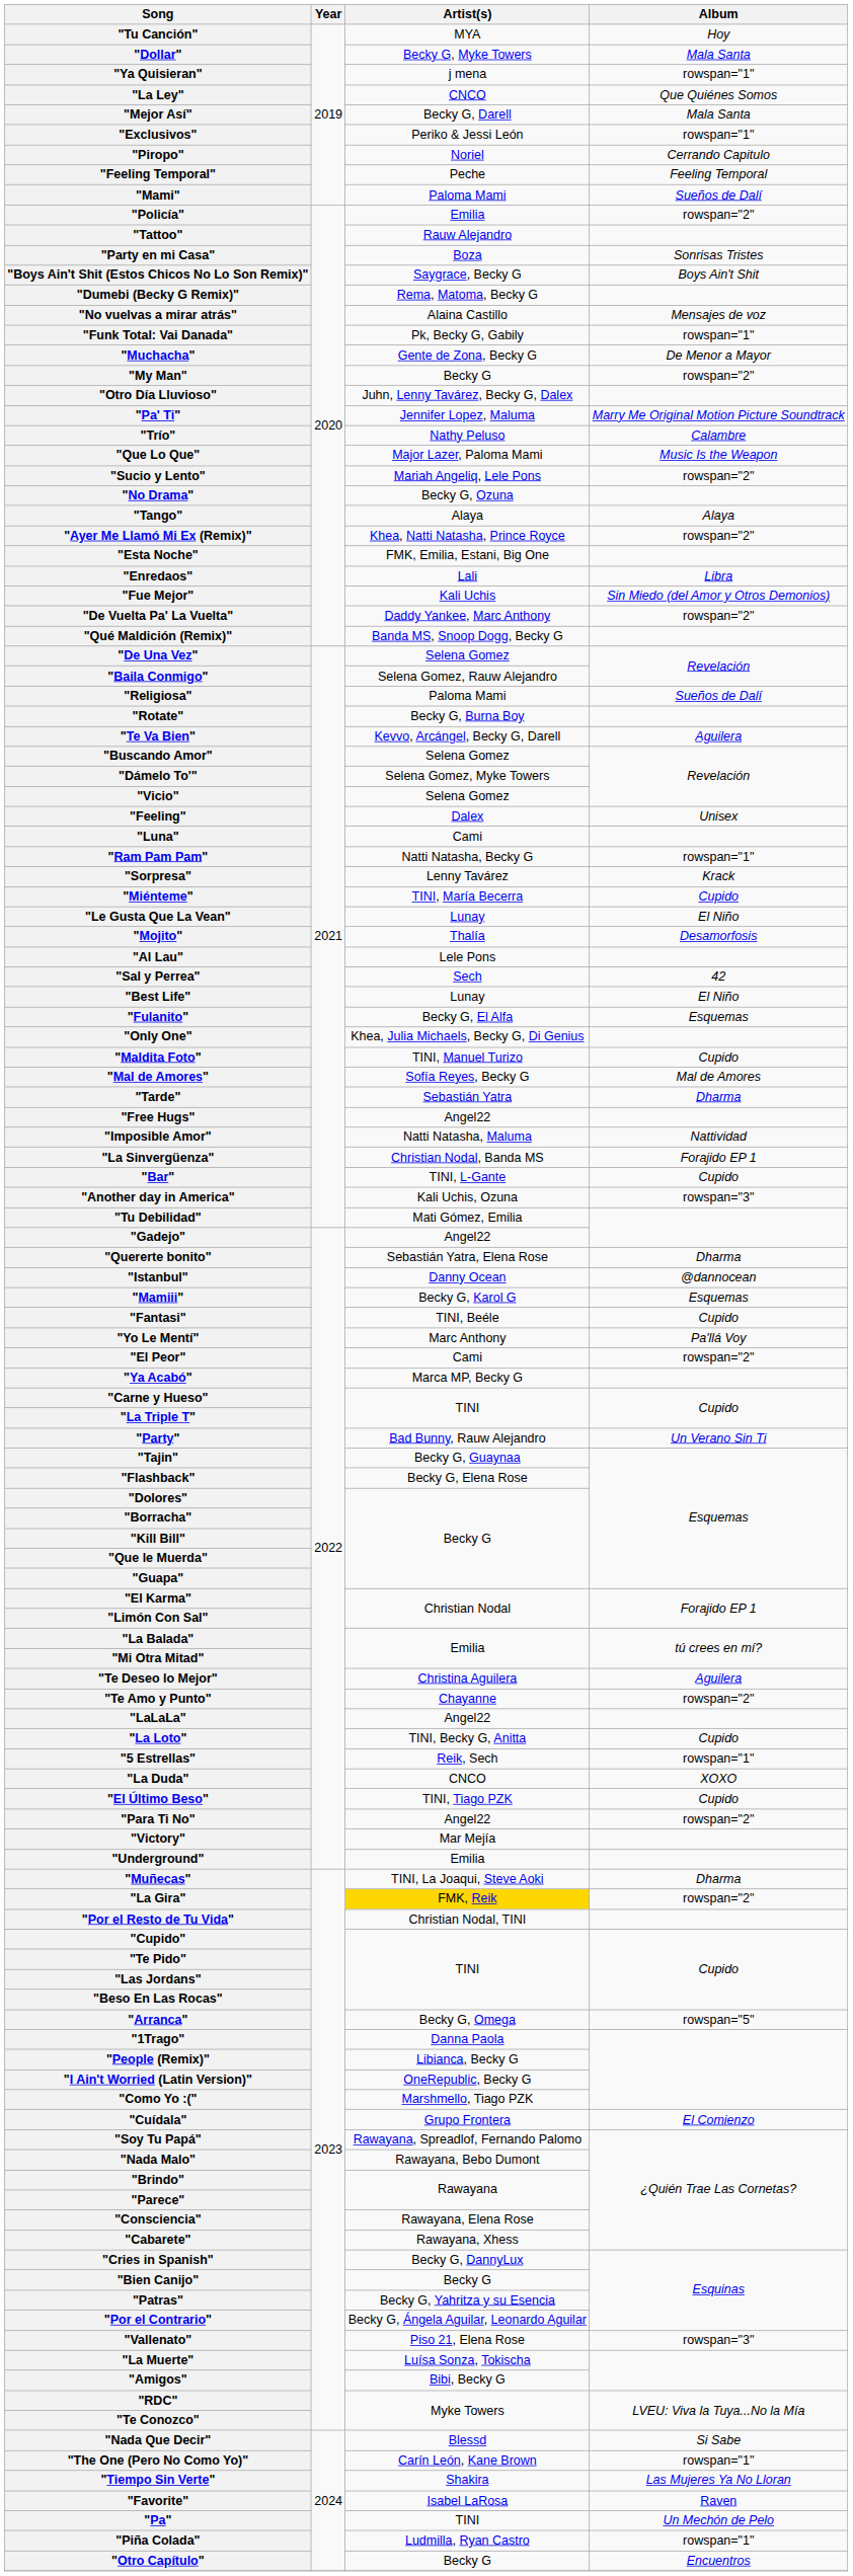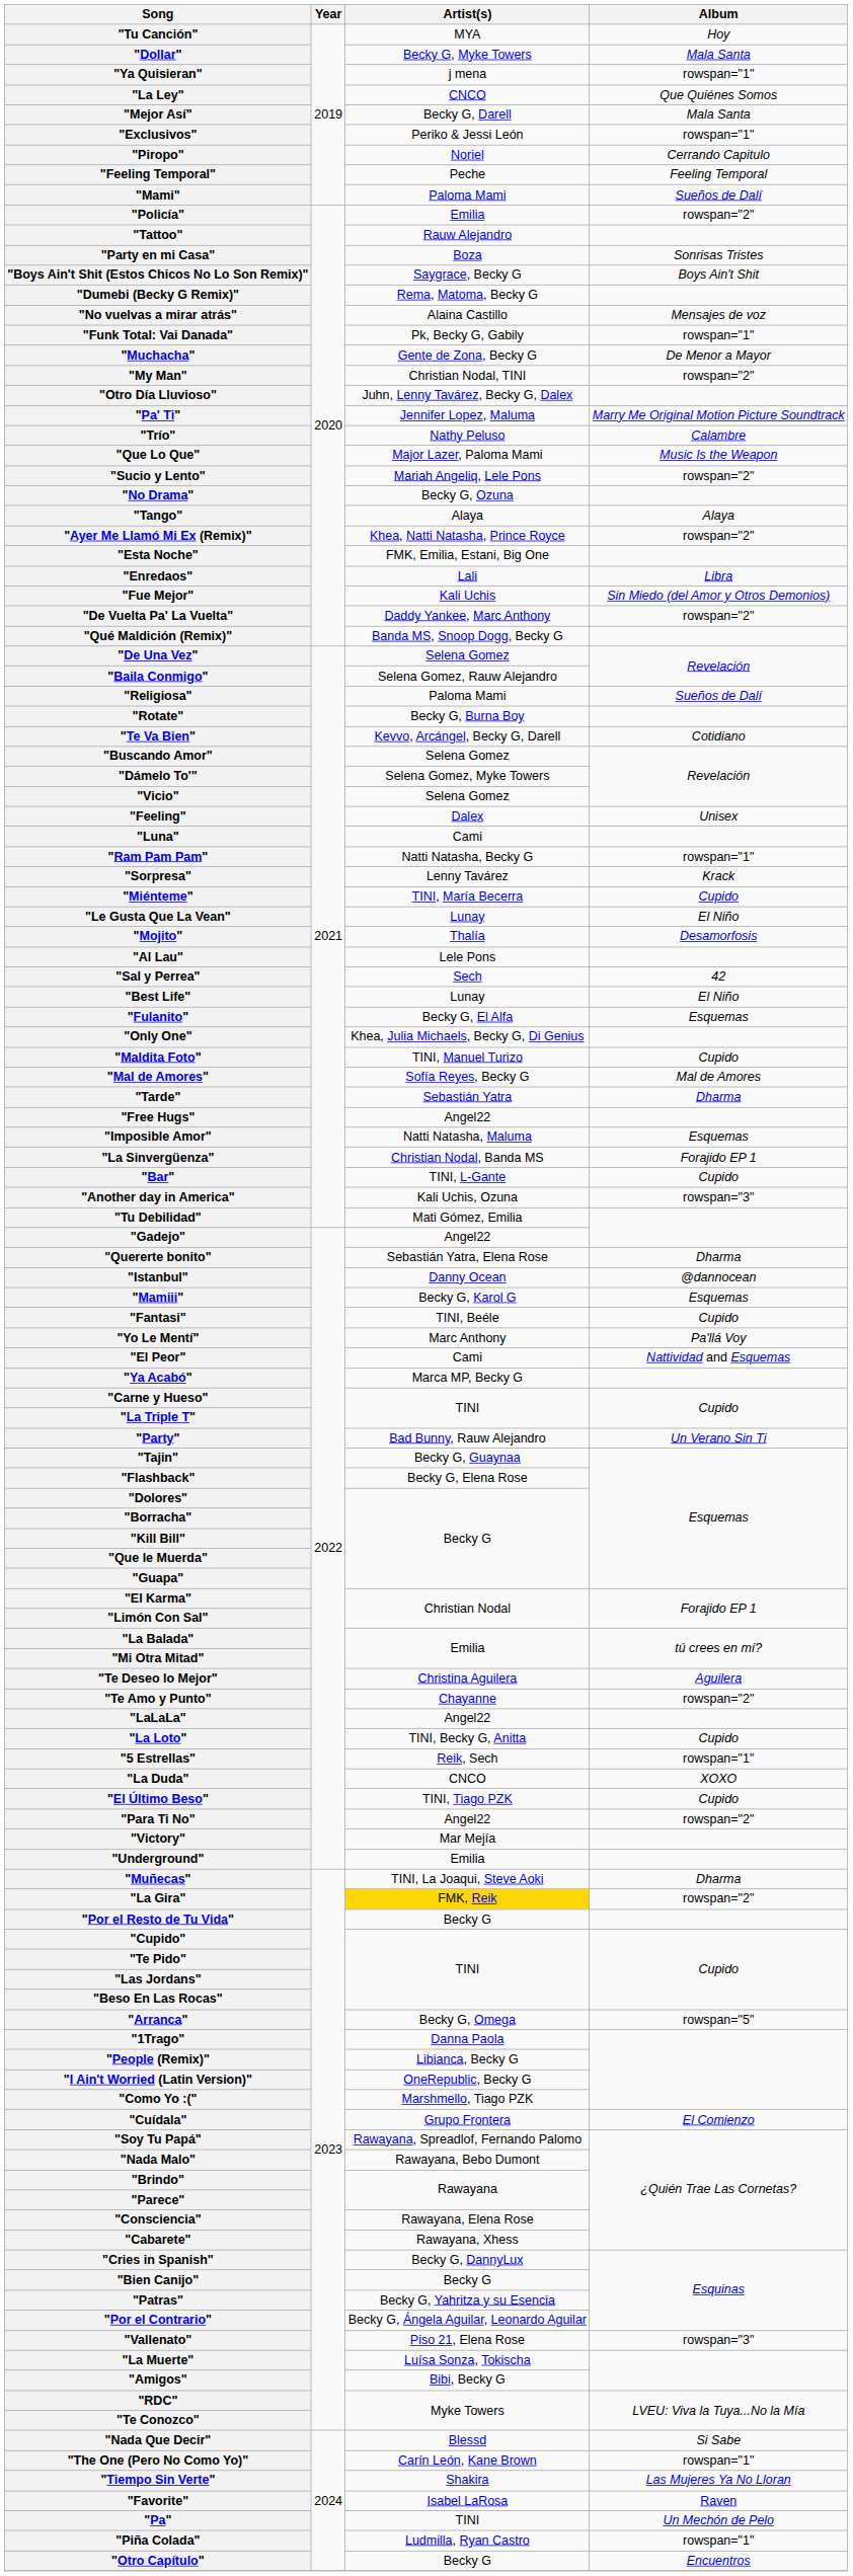 <table class="wikitable plainrowheaders" style="text-align:center;">
 <tr>
 <th scope="col">Song</th>
 <th scope="col">Year</th>
 <th scope="col">Artist(s)</th>
 <th scope="col">Album</th>
 </tr>
 <tr>
 <th scope="row">"Tu Canción"</th>
 <td rowspan="9">2019</td>
 <td>MYA</td>
 <td><em>Hoy</em></td>
 </tr>
 <tr>
 <th scope="row">"<a href='#'>Dollar</a>"</th>
 <td><a href='#'>Becky G</a>, <a href='#'>Myke Towers</a></td>
 <td><em><a href='#'>Mala Santa</a></em></td>
 </tr>
 <tr>
 <th scope="row">"Ya Quisieran"</th>
 <td>j mena</td>
 <td>rowspan="1" </td>
 </tr>
 <tr>
 <th scope="row">"La Ley"</th>
 <td><a href='#'>CNCO</a></td>
 <td><em>Que Quiénes Somos</em></td>
 </tr>
 <tr>
 <th scope="row">"Mejor Así"</th>
 <td>Becky G, <a href='#'>Darell</a></td>
 <td><em>Mala Santa</em></td>
 </tr>
 <tr>
 <th scope="row">"Exclusivos"</th>
 <td>Periko & Jessi León</td>
 <td>rowspan="1" </td>
 </tr>
 <tr>
 <th scope="row">"Piropo"</th>
 <td><a href='#'>Noriel</a></td>
 <td><em>Cerrando Capitulo</em></td>
 </tr>
 <tr>
 <th scope="row">"Feeling Temporal"</th>
 <td>Peche</td>
 <td><em>Feeling Temporal</em></td>
 </tr>
 <tr>
 <th scope="row">"Mami"</th>
 <td><a href='#'>Paloma Mami</a></td>
 <td rowspan="1"><em><a href='#'>Sueños de Dalí</a></em></td>
 </tr>
 <tr>
 <th scope="row">"Policía"</th>
 <td rowspan="22">2020</td>
 <td><a href='#'>Emilia</a></td>
 <td>rowspan="2" </td>
 </tr>
 <tr>
 <th scope="row">"Tattoo"</th>
 <td><a href='#'>Rauw Alejandro</a></td>
 </tr>
 <tr>
 <th scope="row">"Party en mi Casa"</th>
 <td><a href='#'>Boza</a></td>
 <td><em>Sonrisas Tristes</em></td>
 </tr>
 <tr>
 <th scope="row">"Boys Ain't Shit (Estos Chicos No Lo Son Remix)"</th>
 <td><a href='#'>Saygrace</a>, Becky G</td>
 <td><em>Boys Ain't Shit</em></td>
 </tr>
 <tr>
 <th scope="row">"Dumebi (Becky G Remix)"</th>
 <td><a href='#'>Rema</a>, <a href='#'>Matoma</a>, Becky G</td>
 <td></td>
 </tr>
 <tr>
 <th scope="row">"No vuelvas a mirar atrás"</th>
 <td>Alaina Castillo</td>
 <td><em>Mensajes de voz</em></td>
 </tr>
 <tr>
 <th scope="row">"Funk Total: Vai Danada"</th>
 <td>Pk, Becky G, Gabily</td>
 <td>rowspan="1" </td>
 </tr>
 <tr>
 <th scope="row">"<a href='#'>Muchacha</a>"</th>
 <td><a href='#'>Gente de Zona</a>, Becky G</td>
 <td><em>De Menor a Mayor</em></td>
 </tr>
 <tr>
 <th scope="row">"My Man"</th>
-<td>Becky G</td>
+<td>Christian Nodal, TINI</td>
 <td>rowspan="2" </td>
 </tr>
 <tr>
 <th scope="row">"Otro Día Lluvioso"</th>
 <td>Juhn, <a href='#'>Lenny Tavárez</a>, Becky G, <a href='#'>Dalex</a></td>
 </tr>
 <tr>
 <th scope="row">"<a href='#'>Pa' Ti</a>"</th>
 <td><a href='#'>Jennifer Lopez</a>, <a href='#'>Maluma</a></td>
 <td><em><a href='#'>Marry Me Original Motion Picture Soundtrack</a></em></td>
 </tr>
 <tr>
 <th scope="row">"Trío"</th>
 <td><a href='#'>Nathy Peluso</a></td>
 <td><em><a href='#'>Calambre</a></em></td>
 </tr>
 <tr>
 <th scope="row">"Que Lo Que"</th>
 <td><a href='#'>Major Lazer</a>, Paloma Mami</td>
 <td><em><a href='#'>Music Is the Weapon</a></em></td>
 </tr>
 <tr>
 <th scope="row">"Sucio y Lento"</th>
 <td><a href='#'>Mariah Angeliq</a>, <a href='#'>Lele Pons</a></td>
 <td>rowspan="2" </td>
 </tr>
 <tr>
 <th scope="row">"<a href='#'>No Drama</a>"</th>
 <td>Becky G, <a href='#'>Ozuna</a></td>
 </tr>
 <tr>
 <th scope="row">"Tango"</th>
 <td>Alaya</td>
 <td><em>Alaya</em></td>
 </tr>
 <tr>
 <th scope="row">"<a href='#'>Ayer Me Llamó Mi Ex</a> (Remix)"</th>
 <td><a href='#'>Khea</a>, <a href='#'>Natti Natasha</a>, <a href='#'>Prince Royce</a></td>
 <td>rowspan="2" </td>
 </tr>
 <tr>
 <th scope="row">"Esta Noche"</th>
 <td>FMK, Emilia, Estani, Big One</td>
 </tr>
 <tr>
 <th scope="row">"Enredaos"</th>
 <td><a href='#'>Lali</a></td>
 <td><em><a href='#'>Libra</a></em></td>
 </tr>
 <tr>
 <th scope="row">"Fue Mejor"</th>
 <td><a href='#'>Kali Uchis</a></td>
 <td><em><a href='#'>Sin Miedo (del Amor y Otros Demonios)</a></em></td>
 </tr>
 <tr>
 <th scope="row">"De Vuelta Pa' La Vuelta"</th>
 <td><a href='#'>Daddy Yankee</a>, <a href='#'>Marc Anthony</a></td>
 <td>rowspan="2" </td>
 </tr>
 <tr>
 <th scope="row">"Qué Maldición (Remix)"</th>
 <td><a href='#'>Banda MS</a>, <a href='#'>Snoop Dogg</a>, Becky G</td>
 </tr>
 <tr>
 <th scope="row">"<a href='#'>De Una Vez</a>"</th>
 <td rowspan="29">2021</td>
 <td><a href='#'>Selena Gomez</a></td>
 <td rowspan="2"><em><a href='#'>Revelación</a></em></td>
 </tr>
 <tr>
 <th scope="row">"<a href='#'>Baila Conmigo</a>"</th>
 <td>Selena Gomez, Rauw Alejandro</td>
 </tr>
 <tr>
 <th scope="row">"Religiosa"</th>
 <td>Paloma Mami</td>
 <td rowspan="1"><em><a href='#'>Sueños de Dalí</a></em></td>
 </tr>
 <tr>
 <th scope="row">"Rotate"</th>
 <td>Becky G, <a href='#'>Burna Boy</a></td>
 <td></td>
 </tr>
 <tr>
 <th scope="row">"<a href='#'>Te Va Bien</a>"</th>
 <td><a href='#'>Kevvo</a>, <a href='#'>Arcángel</a>, Becky G, Darell</td>
-<td><em><a href='#'>Aguilera</a></em></td>
+<td rowspan="1"><em>Cotidiano</em></td>
 </tr>
 <tr>
 <th scope="row">"Buscando Amor"</th>
 <td>Selena Gomez</td>
 <td rowspan="3"><em>Revelación</em></td>
 </tr>
 <tr>
 <th scope="row">"Dámelo To'"</th>
 <td>Selena Gomez, Myke Towers</td>
 </tr>
 <tr>
 <th scope="row">"Vicio"</th>
 <td>Selena Gomez</td>
 </tr>
 <tr>
 <th scope="row">"Feeling"</th>
 <td><a href='#'>Dalex</a></td>
 <td><em>Unisex</em></td>
 </tr>
 <tr>
 <th scope="row">"Luna"</th>
 <td>Cami</td>
 <td></td>
 </tr>
 <tr>
 <th scope="row">"<a href='#'>Ram Pam Pam</a>"</th>
 <td>Natti Natasha, Becky G</td>
 <td>rowspan="1" </td>
 </tr>
 <tr>
 <th scope="row">"Sorpresa"</th>
 <td>Lenny Tavárez</td>
 <td><em>Krack</em></td>
 </tr>
 <tr>
 <th scope="row">"<a href='#'>Miénteme</a>"</th>
 <td><a href='#'>TINI</a>, <a href='#'>María Becerra</a></td>
 <td><em><a href='#'>Cupido</a></em></td>
 </tr>
 <tr>
 <th scope="row">"Le Gusta Que La Vean"</th>
 <td><a href='#'>Lunay</a></td>
 <td><em>El Niño</em></td>
 </tr>
 <tr>
 <th scope="row">"<a href='#'>Mojito</a>"</th>
 <td><a href='#'>Thalía</a></td>
 <td><em><a href='#'>Desamorfosis</a></em></td>
 </tr>
 <tr>
 <th scope="row">"Al Lau"</th>
 <td>Lele Pons</td>
 <td></td>
 </tr>
 <tr>
 <th scope="row">"Sal y Perrea"</th>
 <td><a href='#'>Sech</a></td>
 <td><em>42</em></td>
 </tr>
 <tr>
 <th scope="row">"Best Life"</th>
 <td>Lunay</td>
 <td><em>El Niño</em></td>
 </tr>
 <tr>
 <th scope="row">"<a href='#'>Fulanito</a>"</th>
 <td>Becky G, <a href='#'>El Alfa</a></td>
 <td><em>Esquemas</em></td>
 </tr>
 <tr>
 <th scope="row">"Only One"</th>
 <td>Khea, <a href='#'>Julia Michaels</a>, Becky G, <a href='#'>Di Genius</a></td>
 <td></td>
 </tr>
 <tr>
 <th scope="row">"<a href='#'>Maldita Foto</a>"</th>
 <td>TINI, <a href='#'>Manuel Turizo</a></td>
 <td><em>Cupido</em></td>
 </tr>
 <tr>
 <th scope="row">"<a href='#'>Mal de Amores</a>"</th>
 <td><a href='#'>Sofía Reyes</a>, Becky G</td>
 <td><em>Mal de Amores</em></td>
 </tr>
 <tr>
 <th scope="row">"Tarde"</th>
 <td><a href='#'>Sebastián Yatra</a></td>
 <td><em><a href='#'>Dharma</a></em></td>
 </tr>
 <tr>
 <th scope="row">"Free Hugs"</th>
 <td>Angel22</td>
 <td></td>
 </tr>
 <tr>
 <th scope="row">"Imposible Amor"</th>
 <td>Natti Natasha, <a href='#'>Maluma</a></td>
-<td><em>Nattividad</em></td>
+<td><em>Esquemas</em></td>
 </tr>
 <tr>
 <th scope="row">"La Sinvergüenza"</th>
 <td><a href='#'>Christian Nodal</a>, Banda MS</td>
 <td><em>Forajido EP 1</em></td>
 </tr>
 <tr>
 <th scope="row">"<a href='#'>Bar</a>"</th>
 <td>TINI, <a href='#'>L-Gante</a></td>
 <td><em>Cupido</em></td>
 </tr>
 <tr>
 <th scope="row">"Another day in America"</th>
 <td>Kali Uchis, Ozuna</td>
 <td>rowspan="3" </td>
 </tr>
 <tr>
 <th scope="row">"Tu Debilidad"</th>
 <td>Mati Gómez, Emilia</td>
 </tr>
 <tr>
 <th scope="row">"Gadejo"</th>
 <td rowspan="32">2022</td>
 <td>Angel22</td>
 </tr>
 <tr>
 <th scope="row">"Quererte bonito"</th>
 <td>Sebastián Yatra, Elena Rose</td>
 <td><em>Dharma</em></td>
 </tr>
 <tr>
 <th scope="row">"Istanbul"</th>
 <td><a href='#'>Danny Ocean</a></td>
 <td><em>@dannocean</em></td>
 </tr>
 <tr>
 <th scope="row">"<a href='#'>Mamiii</a>"</th>
 <td>Becky G, <a href='#'>Karol G</a></td>
 <td><em>Esquemas</em></td>
 </tr>
 <tr>
 <th scope="row">"Fantasi"</th>
 <td>TINI, Beéle</td>
 <td><em>Cupido</em></td>
 </tr>
 <tr>
 <th scope="row">"Yo Le Mentí"</th>
 <td>Marc Anthony</td>
 <td><em>Pa'llá Voy</em></td>
 </tr>
 <tr>
 <th scope="row">"El Peor"</th>
 <td>Cami</td>
-<td>rowspan="2" </td>
+<td><em><a href='#'>Nattividad</a></em> and <em><a href='#'>Esquemas</a></em></td>
 </tr>
 <tr>
 <th scope="row">"<a href='#'>Ya Acabó</a>"</th>
 <td>Marca MP, Becky G</td>
 </tr>
 <tr>
 <th scope="row">"Carne y Hueso"</th>
 <td rowspan="2">TINI</td>
 <td rowspan="2"><em>Cupido</em></td>
 </tr>
 <tr>
 <th scope="row">"<a href='#'>La Triple T</a>"</th>
 </tr>
 <tr>
 <th scope="row">"<a href='#'>Party</a>"</th>
 <td><a href='#'>Bad Bunny</a>, Rauw Alejandro</td>
 <td><em><a href='#'>Un Verano Sin Ti</a></em></td>
 </tr>
 <tr>
 <th scope="row">"Tajin"</th>
 <td>Becky G, <a href='#'>Guaynaa</a></td>
 <td rowspan="7"><em>Esquemas</em></td>
 </tr>
 <tr>
 <th scope="row">"Flashback"</th>
 <td>Becky G, Elena Rose</td>
 </tr>
 <tr>
 <th scope="row">"Dolores"</th>
 <td rowspan="5">Becky G</td>
 </tr>
 <tr>
 <th scope="row">"Borracha"</th>
 </tr>
 <tr>
 <th scope="row">"Kill Bill"</th>
 </tr>
 <tr>
 <th scope="row">"Que le Muerda"</th>
 </tr>
 <tr>
 <th scope="row">"Guapa"</th>
 </tr>
 <tr>
 <th scope="row">"El Karma"</th>
 <td rowspan="2">Christian Nodal</td>
 <td rowspan="2"><em>Forajido EP 1</em></td>
 </tr>
 <tr>
 <th scope="row">"Limón Con Sal"</th>
 </tr>
 <tr>
 <th scope="row">"La Balada"</th>
 <td rowspan="2">Emilia</td>
 <td rowspan="2"><em>tú crees en mí?</em></td>
 </tr>
 <tr>
 <th scope="row">"Mi Otra Mitad"</th>
 </tr>
 <tr>
 <th scope="row">"Te Deseo lo Mejor"</th>
 <td><a href='#'>Christina Aguilera</a></td>
 <td><em><a href='#'>Aguilera</a></em></td>
 </tr>
 <tr>
 <th scope="row">"Te Amo y Punto"</th>
 <td><a href='#'>Chayanne</a></td>
 <td>rowspan="2" </td>
 </tr>
 <tr>
 <th scope="row">"LaLaLa"</th>
 <td>Angel22</td>
 </tr>
 <tr>
 <th scope="row">"<a href='#'>La Loto</a>"</th>
 <td>TINI, Becky G, <a href='#'>Anitta</a></td>
 <td><em>Cupido</em></td>
 </tr>
 <tr>
 <th scope="row">"5 Estrellas"</th>
 <td><a href='#'>Reik</a>, Sech</td>
 <td>rowspan="1" </td>
 </tr>
 <tr>
 <th scope="row">"La Duda"</th>
 <td>CNCO</td>
 <td><em>XOXO</em></td>
 </tr>
 <tr>
 <th scope="row">"<a href='#'>El Último Beso</a>"</th>
 <td>TINI, <a href='#'>Tiago PZK</a></td>
 <td><em>Cupido</em></td>
 </tr>
 <tr>
 <th scope="row">"Para Ti No"</th>
 <td>Angel22</td>
 <td>rowspan="2" </td>
 </tr>
 <tr>
 <th scope="row">"Victory"</th>
 <td>Mar Mejía</td>
 </tr>
 <tr>
 <th scope="row">"Underground"</th>
 <td>Emilia</td>
 <td></td>
 </tr>
 <tr>
 <th scope="row">"<a href='#'>Muñecas</a>"</th>
 <td rowspan="28">2023</td>
 <td>TINI, La Joaqui, <a href='#'>Steve Aoki</a></td>
 <td><em>Dharma</em></td>
 </tr>
 <tr>
 <th scope="row">"La Gira"</th>
 <td style="background: gold;">FMK, <a href='#'>Reik</a></td>
 <td>rowspan="2" </td>
 </tr>
 <tr>
 <th scope="row">"<a href='#'>Por el Resto de Tu Vida</a>"</th>
-<td>Christian Nodal, TINI</td>
+<td>Becky G</td>
 </tr>
 <tr>
 <th scope="row">"Cupido"</th>
 <td rowspan="4">TINI</td>
 <td rowspan="4"><em>Cupido</em></td>
 </tr>
 <tr>
 <th scope="row">"Te Pido"</th>
 </tr>
 <tr>
 <th scope="row">"Las Jordans"</th>
 </tr>
 <tr>
 <th scope="row">"Beso En Las Rocas"</th>
 </tr>
 <tr>
 <th scope="row">"<a href='#'>Arranca</a>"</th>
 <td>Becky G, <a href='#'>Omega</a></td>
 <td>rowspan="5" </td>
 </tr>
 <tr>
 <th scope="row">"1Trago"</th>
 <td><a href='#'>Danna Paola</a></td>
 </tr>
 <tr>
 <th scope="row">"<a href='#'>People</a> (Remix)"</th>
 <td><a href='#'>Libianca</a>, Becky G</td>
 </tr>
 <tr>
 <th scope="row">"<a href='#'>I Ain't Worried</a> (Latin Version)"</th>
 <td><a href='#'>OneRepublic</a>, Becky G</td>
 </tr>
 <tr>
 <th scope="row">"Como Yo :("</th>
 <td><a href='#'>Marshmello</a>, Tiago PZK</td>
 </tr>
 <tr>
 <th scope="row">"Cuídala"</th>
 <td><a href='#'>Grupo Frontera</a></td>
 <td><em><a href='#'>El Comienzo</a></em></td>
 </tr>
 <tr>
 <th scope="row">"Soy Tu Papá"</th>
 <td><a href='#'>Rawayana</a>, Spreadlof, Fernando Palomo</td>
 <td rowspan="6"><em>¿Quién Trae Las Cornetas?</em></td>
 </tr>
 <tr>
 <th scope="row">"Nada Malo"</th>
 <td>Rawayana, Bebo Dumont</td>
 </tr>
 <tr>
 <th scope="row">"Brindo"</th>
 <td rowspan="2">Rawayana</td>
 </tr>
 <tr>
 <th scope="row">"Parece"</th>
 </tr>
 <tr>
 <th scope="row">"Consciencia"</th>
 <td>Rawayana, Elena Rose</td>
 </tr>
 <tr>
 <th scope="row">"Cabarete"</th>
 <td>Rawayana, Xhess</td>
 </tr>
 <tr>
 <th scope="row">"Cries in Spanish"</th>
 <td>Becky G, <a href='#'>DannyLux</a></td>
 <td rowspan="4"><em><a href='#'>Esquinas</a></em></td>
 </tr>
 <tr>
 <th scope="row">"Bien Canijo"</th>
 <td>Becky G</td>
 </tr>
 <tr>
 <th scope="row">"Patras"</th>
 <td>Becky G, <a href='#'>Yahritza y su Esencia</a></td>
 </tr>
 <tr>
 <th scope="row">"<a href='#'>Por el Contrario</a>"</th>
 <td>Becky G, <a href='#'>Ángela Aguilar</a>, <a href='#'>Leonardo Aguilar</a></td>
 </tr>
 <tr>
 <th scope="row">"Vallenato"</th>
 <td><a href='#'>Piso 21</a>, Elena Rose</td>
 <td>rowspan="3" </td>
 </tr>
 <tr>
 <th scope="row">"La Muerte"</th>
 <td><a href='#'>Luísa Sonza</a>, <a href='#'>Tokischa</a></td>
 </tr>
 <tr>
 <th scope="row">"Amigos"</th>
 <td><a href='#'>Bibi</a>, Becky G</td>
 </tr>
 <tr>
 <th scope="row">"RDC"</th>
 <td rowspan="2">Myke Towers</td>
 <td rowspan="2"><em>LVEU: Viva la Tuya...No la Mía</em></td>
 </tr>
 <tr>
 <th scope="row">"Te Conozco"</th>
 </tr>
 <tr>
 <th scope="row">"Nada Que Decir" </th>
 <td rowspan="7">2024</td>
 <td><a href='#'>Blessd</a></td>
 <td><em>Si Sabe</em></td>
 </tr>
 <tr>
 <th scope="row">"The One (Pero No Como Yo)" </th>
 <td><a href='#'>Carín León</a>, <a href='#'>Kane Brown</a></td>
 <td>rowspan="1" </td>
 </tr>
 <tr>
 <th scope="row">"<a href='#'>Tiempo Sin Verte</a>" </th>
 <td><a href='#'>Shakira</a></td>
 <td><em><a href='#'>Las Mujeres Ya No Lloran</a></em></td>
 </tr>
 <tr>
 <th scope="row">"Favorite" </th>
 <td><a href='#'>Isabel LaRosa</a></td>
 <td><a href='#'>Raven</a></td>
 </tr>
 <tr>
 <th scope="row">"<a href='#'>Pa</a>" </th>
 <td>TINI</td>
 <td><em><a href='#'>Un Mechón de Pelo</a></em></td>
 </tr>
 <tr>
 <th scope="row">"Piña Colada" </th>
 <td><a href='#'>Ludmilla</a>, <a href='#'>Ryan Castro</a></td>
 <td>rowspan="1" </td>
 </tr>
 <tr>
 <th scope="row">"<a href='#'>Otro Capítulo</a>" </th>
 <td>Becky G</td>
 <td><em><a href='#'>Encuentros</a></em></td>
 </tr>
 <tr>
 </tr>
 </table>
